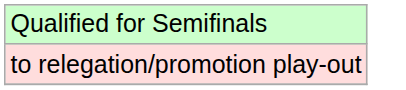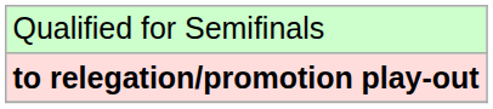 <table class="wikitable">
 <tr width=10px bgcolor="#ccffcc">
 <td>Qualified for Semifinals</td>
 </tr>
 <tr width=10px bgcolor="#ffdddd">
-<td>to relegation/promotion  play-out</td>
+<td><strong>to relegation/promotion  play-out</strong></td>
 </tr>
 <tr>
 </tr>
 </table>
